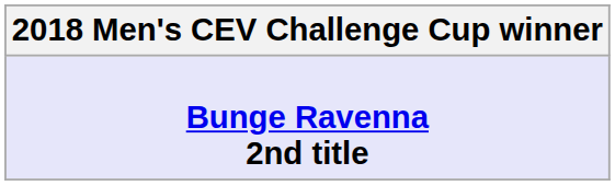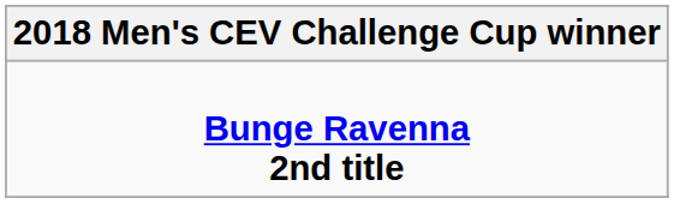 <table class=wikitable style="text-align:center; margin:auto">
 <tr>
 <th>2018 Men's CEV Challenge Cup winner</th>
 </tr>
 <tr>
-<td style="background: lavender;"><br><strong> <a href='#'>Bunge Ravenna</a></strong><br> <strong>2nd title</strong></td>
+<td><br><strong> <a href='#'>Bunge Ravenna</a></strong><br> <strong>2nd title</strong></td>
 </tr>
 </table>
